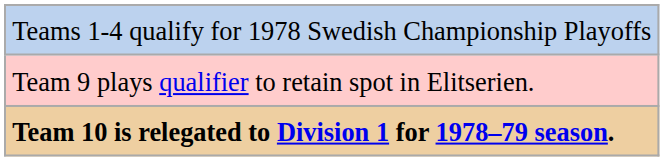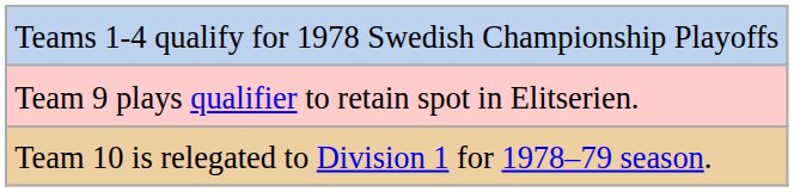 <table class=wikitable>
 <tr bgcolor="#BCD2EE">
 <td><small>Teams 1-4 qualify for 1978 Swedish Championship Playoffs</small></td>
 </tr>
 <tr bgcolor="#ffcccc">
 <td><small>Team 9 plays <a href='#'>qualifier</a> to retain spot in Elitserien.</small></td>
 </tr>
 <tr bgcolor="#EECFA1">
-<td><strong><small>Team 10 is relegated to <a href='#'>Division 1</a> for <a href='#'>1978–79 season</a>.</small></strong></td>
+<td><small>Team 10 is relegated to <a href='#'>Division 1</a> for <a href='#'>1978–79 season</a>.</small></td>
 </tr>
 </table>
